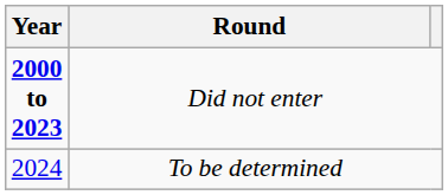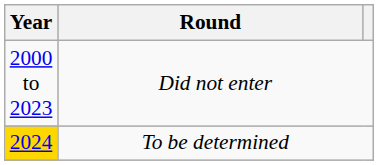 <table class="wikitable" style="text-align: center; font-size:90%">
 <tr>
 <th>Year</th>
 <th style="width:200px">Round</th>
 <th></th>
 </tr>
 <tr>
-<td><strong><a href='#'>2000</a><br>to<br><a href='#'>2023</a></strong></td>
+<td><a href='#'>2000</a><br>to<br><a href='#'>2023</a></td>
 <td colspan="2"><em>Did not enter</em></td>
 </tr>
 <tr>
-<td><a href='#'>2024</a></td>
+<td style="background: gold;"><a href='#'>2024</a></td>
 <td colspan="2"><em>To be determined</em></td>
 </tr>
 </table>
